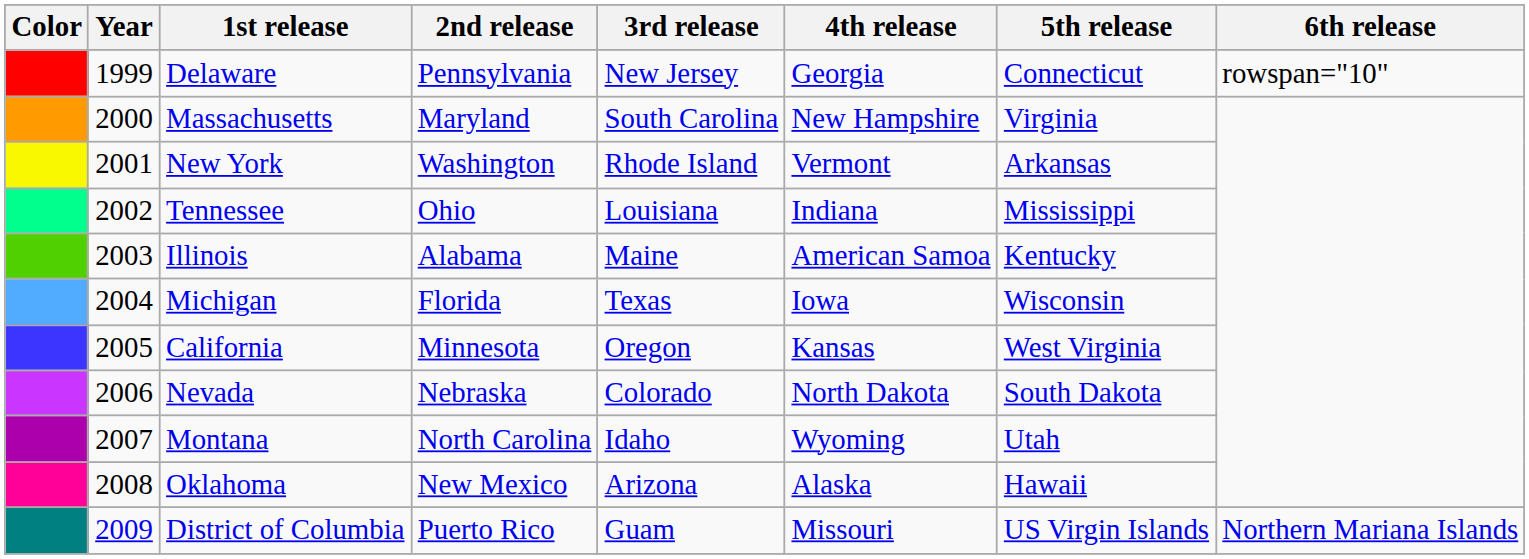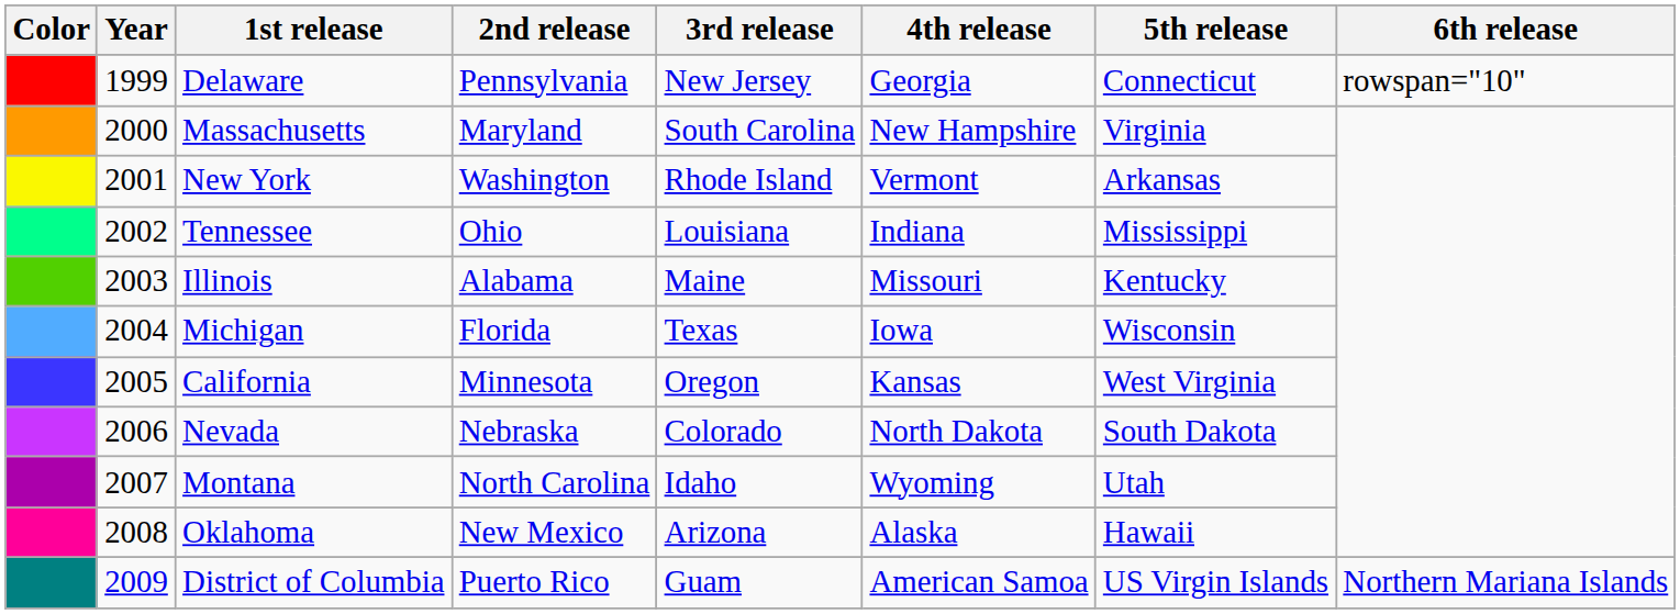 <table class="wikitable">
 <tr>
 <th>Color</th>
 <th>Year</th>
 <th>1st release</th>
 <th>2nd release</th>
 <th>3rd release</th>
 <th>4th release</th>
 <th>5th release</th>
 <th>6th release</th>
 </tr>
 <tr>
 <td bgcolor="#FF0000"> </td>
 <td>1999</td>
 <td><a href='#'>Delaware</a></td>
 <td><a href='#'>Pennsylvania</a></td>
 <td><a href='#'>New Jersey</a></td>
 <td><a href='#'>Georgia</a></td>
 <td><a href='#'>Connecticut</a></td>
 <td>rowspan="10" </td>
 </tr>
 <tr>
 <td bgcolor="#FF9A00"> </td>
 <td>2000</td>
 <td><a href='#'>Massachusetts</a></td>
 <td><a href='#'>Maryland</a></td>
 <td><a href='#'>South Carolina</a></td>
 <td><a href='#'>New Hampshire</a></td>
 <td><a href='#'>Virginia</a></td>
 </tr>
 <tr>
 <td bgcolor="#FAF800"> </td>
 <td>2001</td>
 <td><a href='#'>New York</a></td>
 <td><a href='#'>Washington</a></td>
 <td><a href='#'>Rhode Island</a></td>
 <td><a href='#'>Vermont</a></td>
 <td><a href='#'>Arkansas</a></td>
 </tr>
 <tr>
 <td bgcolor="#00FF8C"> </td>
 <td>2002</td>
 <td><a href='#'>Tennessee</a></td>
 <td><a href='#'>Ohio</a></td>
 <td><a href='#'>Louisiana</a></td>
 <td><a href='#'>Indiana</a></td>
 <td><a href='#'>Mississippi</a></td>
 </tr>
 <tr>
 <td bgcolor="#51D000"> </td>
 <td>2003</td>
 <td><a href='#'>Illinois</a></td>
 <td><a href='#'>Alabama</a></td>
 <td><a href='#'>Maine</a></td>
-<td><a href='#'>American Samoa</a></td>
+<td><a href='#'>Missouri</a></td>
 <td><a href='#'>Kentucky</a></td>
 </tr>
 <tr>
 <td bgcolor="#51ACFF"> </td>
 <td>2004</td>
 <td><a href='#'>Michigan</a></td>
 <td><a href='#'>Florida</a></td>
 <td><a href='#'>Texas</a></td>
 <td><a href='#'>Iowa</a></td>
 <td><a href='#'>Wisconsin</a></td>
 </tr>
 <tr>
 <td bgcolor="#3B35FF"> </td>
 <td>2005</td>
 <td><a href='#'>California</a></td>
 <td><a href='#'>Minnesota</a></td>
 <td><a href='#'>Oregon</a></td>
 <td><a href='#'>Kansas</a></td>
 <td><a href='#'>West Virginia</a></td>
 </tr>
 <tr>
 <td bgcolor="#CA35FF"> </td>
 <td>2006</td>
 <td><a href='#'>Nevada</a></td>
 <td><a href='#'>Nebraska</a></td>
 <td><a href='#'>Colorado</a></td>
 <td><a href='#'>North Dakota</a></td>
 <td><a href='#'>South Dakota</a></td>
 </tr>
 <tr>
 <td bgcolor="#AB00AB"> </td>
 <td>2007</td>
 <td><a href='#'>Montana</a></td>
 <td><a href='#'>North Carolina</a></td>
 <td><a href='#'>Idaho</a></td>
 <td><a href='#'>Wyoming</a></td>
 <td><a href='#'>Utah</a></td>
 </tr>
 <tr>
 <td bgcolor="#FF0099"> </td>
 <td>2008</td>
 <td><a href='#'>Oklahoma</a></td>
 <td><a href='#'>New Mexico</a></td>
 <td><a href='#'>Arizona</a></td>
 <td><a href='#'>Alaska</a></td>
 <td><a href='#'>Hawaii</a></td>
 </tr>
 <tr>
 <td bgcolor="#008081"> </td>
 <td><a href='#'>2009</a></td>
 <td><a href='#'>District of Columbia</a></td>
 <td><a href='#'>Puerto Rico</a></td>
 <td><a href='#'>Guam</a></td>
-<td><a href='#'>Missouri</a></td>
+<td><a href='#'>American Samoa</a></td>
 <td><a href='#'>US Virgin Islands</a></td>
 <td><a href='#'>Northern Mariana Islands</a></td>
 </tr>
 </table>
